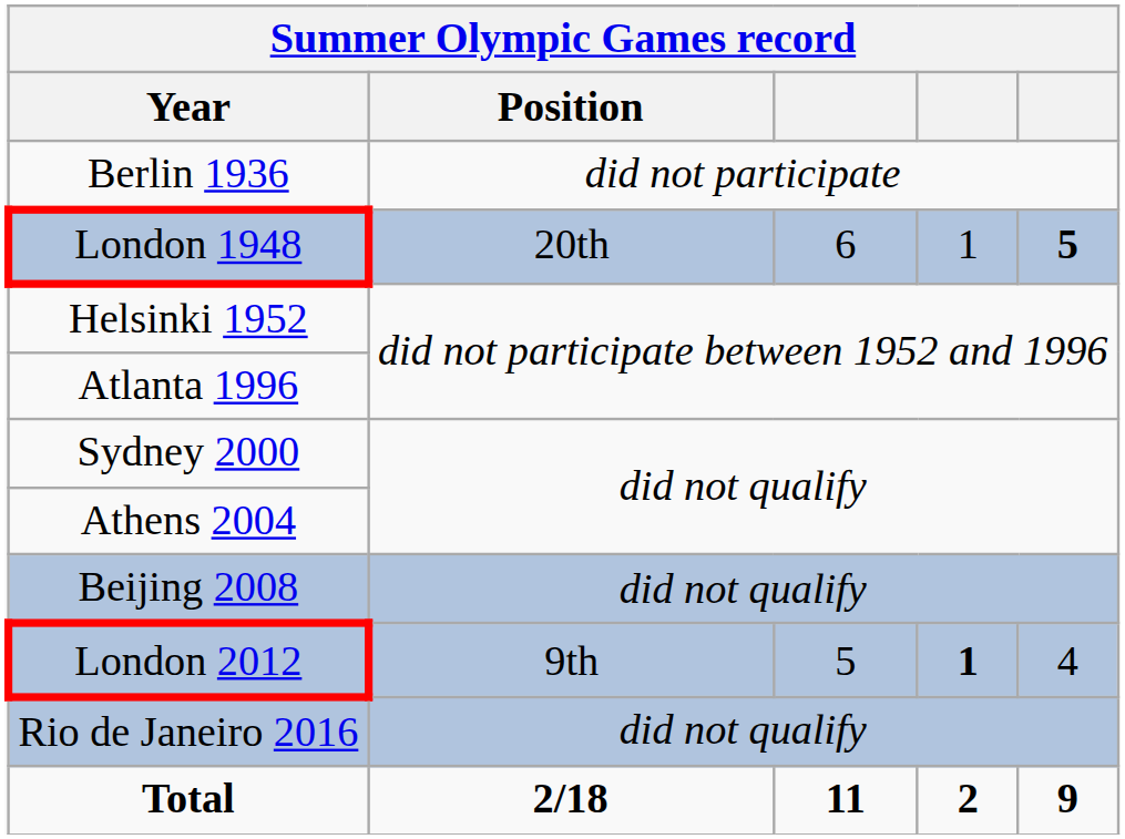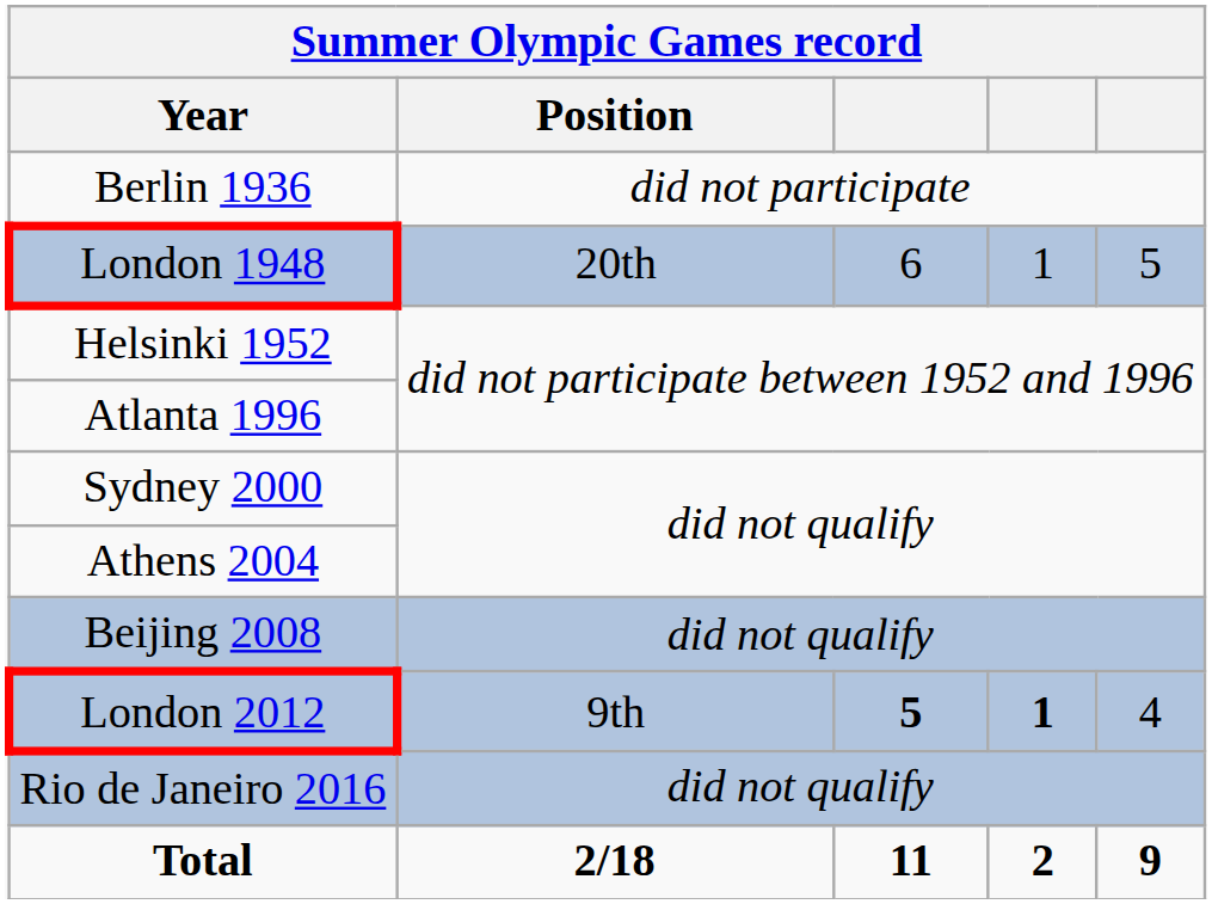 <table class="wikitable" style="text-align: center;">
 <tr>
 <th colspan=5><a href='#'>Summer Olympic Games record</a></th>
 </tr>
 <tr>
 <th>Year</th>
 <th>Position</th>
 <th></th>
 <th></th>
 <th></th>
 </tr>
 <tr>
 <td>Berlin <a href='#'>1936</a></td>
 <td colspan="4"><em>did not participate</em></td>
 </tr>
 <tr bgcolor=B0C4DE>
 <td style="border: 3px solid red">London <a href='#'>1948</a></td>
 <td bgcolor="#B0C4DE">20th</td>
 <td bgcolor="#B0C4DE">6</td>
 <td bgcolor="#B0C4DE">1</td>
-<td bgcolor="#B0C4DE"><strong>5</strong></td>
+<td bgcolor="#B0C4DE">5</td>
 </tr>
 <tr>
 <td>Helsinki <a href='#'>1952</a></td>
 <td colspan="4" rowspan=2><em>did not participate between 1952 and 1996</em></td>
 </tr>
 <tr>
 <td>Atlanta <a href='#'>1996</a></td>
 </tr>
 <tr>
 <td>Sydney <a href='#'>2000</a></td>
 <td colspan="4" rowspan=2><em>did not qualify</em></td>
 </tr>
 <tr>
 <td>Athens <a href='#'>2004</a></td>
 </tr>
 <tr bgcolor=B0C4DE>
 <td>Beijing <a href='#'>2008</a></td>
 <td colspan="4" rowspan=1 bgcolor="#B0C4DE"><em>did not qualify</em></td>
 </tr>
 <tr bgcolor=B0C4DE>
 <td style="border: 3px solid red">London <a href='#'>2012</a></td>
 <td>9th</td>
-<td>5</td>
+<td><strong>5</strong></td>
 <td><strong>1</strong></td>
 <td>4</td>
 </tr>
 <tr bgcolor=B0C4DE>
 <td>Rio de Janeiro <a href='#'>2016</a></td>
 <td colspan="4" rowspan=1 bgcolor="#B0C4DE"><em>did not qualify</em></td>
 </tr>
 <tr>
 <td colspan=1><strong>Total</strong></td>
 <td><strong>2/18</strong></td>
 <td><strong>11</strong></td>
 <td><strong>2</strong></td>
 <td><strong>9</strong></td>
 </tr>
 </table>
